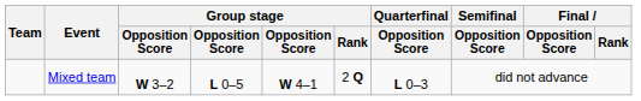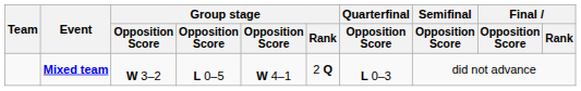 <table class=wikitable style=font-size:90%;text-align:center>
 <tr>
 <th rowspan=2>Team</th>
 <th rowspan=2>Event</th>
 <th colspan=4>Group stage</th>
 <th>Quarterfinal</th>
 <th>Semifinal</th>
 <th colspan=2>Final / </th>
 </tr>
 <tr style=font-size:95%>
 <th>Opposition<br>Score</th>
 <th>Opposition<br>Score</th>
 <th>Opposition<br>Score</th>
 <th>Rank</th>
 <th>Opposition<br>Score</th>
 <th>Opposition<br>Score</th>
 <th>Opposition<br>Score</th>
 <th>Rank</th>
 </tr>
 <tr>
 <td align=left></td>
-<td align=left><a href='#'>Mixed team</a></td>
+<td align=left><strong><a href='#'>Mixed team</a></strong></td>
 <td><br><strong>W</strong> 3–2</td>
 <td><br><strong>L</strong> 0–5</td>
 <td><br><strong>W</strong> 4–1</td>
 <td>2 <strong>Q</strong></td>
 <td><br><strong>L</strong> 0–3</td>
 <td colspan=3>did not advance</td>
 </tr>
 </table>
